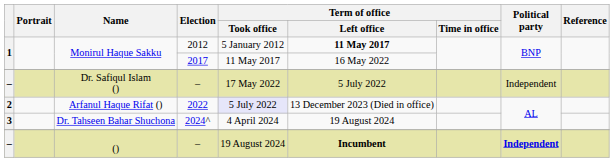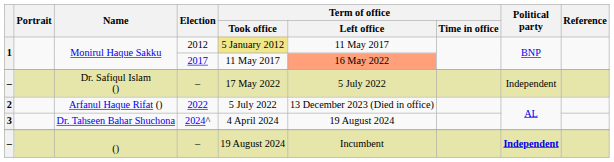 <table class="wikitable" style="text-align:center">
 <tr>
 <th rowspan="2"></th>
 <th rowspan="2">Portrait</th>
 <th rowspan="2">Name<br></th>
 <th rowspan="2">Election</th>
 <th colspan="3"><strong>Term of office</strong></th>
 <th rowspan="2"><strong>Political<br> party</strong></th>
 <th rowspan="2"><strong>Reference</strong></th>
 </tr>
 <tr>
 <th><strong>Took office</strong></th>
 <th><strong>Left office</strong></th>
 <th><strong>Time in office</strong></th>
 </tr>
 <tr>
 <th rowspan="2" style="background:">1</th>
 <td rowspan="2"></td>
 <td rowspan="2"><a href='#'>Monirul Haque Sakku</a></td>
 <td>2012</td>
-<td align=center>5 January 2012</td>
-<td align=center><strong>11 May 2017</strong></td>
+<td align=center style="background: khaki;">5 January 2012</td>
+<td align=center>11 May 2017</td>
 <td rowspan="2"></td>
 <td rowspan="2"><a href='#'>BNP</a></td>
 <td rowspan="2"></td>
 </tr>
 <tr>
 <td><a href='#'>2017</a></td>
 <td align=center>11 May 2017</td>
-<td align=center>16 May 2022</td>
+<td align=center style="background: lightsalmon;">16 May 2022</td>
 </tr>
 <tr>
 </tr>
 <tr style="background:#e6e6aa;">
 <th style="background:">–</th>
 <td align=center></td>
 <td>Dr. Safiqul Islam<br>()</td>
 <td>–</td>
 <td align=center>17 May 2022</td>
 <td align=center>5 July 2022</td>
 <td></td>
 <td>Independent</td>
 <td></td>
 </tr>
 <tr>
 <th style="background:">2</th>
 <td align=center></td>
 <td><a href='#'>Arfanul Haque Rifat</a> ()</td>
 <td><a href='#'>2022</a></td>
-<td align=center style="background: lavender;">5 July 2022</td>
+<td align=center>5 July 2022</td>
 <td align=center>13 December 2023 (Died in office)</td>
 <td></td>
 <td rowspan="2"><a href='#'>AL</a></td>
 <td></td>
 </tr>
 <tr>
 <th style="background:">3</th>
 <td align=center></td>
 <td><a href='#'>Dr. Tahseen Bahar Shuchona</a></td>
 <td><a href='#'>2024</a>^</td>
 <td align=center>4 April 2024</td>
 <td align=center>19 August 2024</td>
 <td></td>
 <td></td>
 </tr>
 <tr>
 </tr>
 <tr style="background:#e6e6aa;">
 <th style="background:">–</th>
 <td align=center></td>
 <td><br>()</td>
 <td>–</td>
 <td align=center>19 August 2024</td>
-<td align=center><strong>Incumbent</strong></td>
+<td align=center>Incumbent</td>
 <td></td>
 <td><strong><a href='#'>Independent</a></strong></td>
 <td></td>
 </tr>
 </table>
